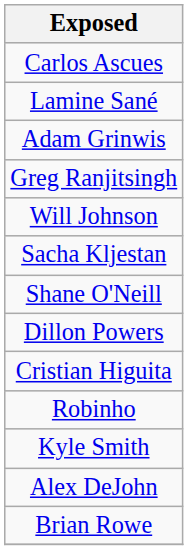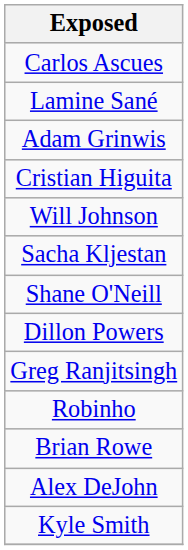 <table class="wikitable" style="text-align:center">
 <tr>
 <th>Exposed</th>
 </tr>
 <tr>
 <td><a href='#'>Carlos Ascues</a></td>
 </tr>
 <tr>
 <td><a href='#'>Lamine Sané</a></td>
 </tr>
 <tr>
 <td><a href='#'>Adam Grinwis</a></td>
 </tr>
 <tr>
-<td><a href='#'>Greg Ranjitsingh</a></td>
+<td><a href='#'>Cristian Higuita</a></td>
 </tr>
 <tr>
 <td><a href='#'>Will Johnson</a></td>
 </tr>
 <tr>
 <td><a href='#'>Sacha Kljestan</a></td>
 </tr>
 <tr>
 <td><a href='#'>Shane O'Neill</a></td>
 </tr>
 <tr>
 <td><a href='#'>Dillon Powers</a></td>
 </tr>
 <tr>
-<td><a href='#'>Cristian Higuita</a></td>
+<td><a href='#'>Greg Ranjitsingh</a></td>
 </tr>
 <tr>
 <td><a href='#'>Robinho</a></td>
 </tr>
 <tr>
-<td><a href='#'>Kyle Smith</a></td>
+<td><a href='#'>Brian Rowe</a></td>
 </tr>
 <tr>
 <td><a href='#'>Alex DeJohn</a></td>
 </tr>
 <tr>
-<td><a href='#'>Brian Rowe</a></td>
+<td><a href='#'>Kyle Smith</a></td>
 </tr>
 <tr>
 </tr>
 </table>
